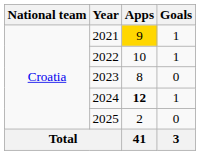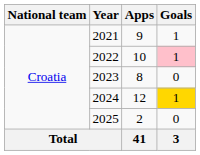 <table class="wikitable" style="text-align:center">
 <tr>
 <th>National team</th>
 <th>Year</th>
 <th>Apps</th>
 <th>Goals</th>
 </tr>
 <tr>
 <td rowspan="5"><a href='#'>Croatia</a></td>
 <td>2021</td>
-<td style="background: gold;">9</td>
+<td>9</td>
 <td>1</td>
 </tr>
 <tr>
 <td>2022</td>
 <td>10</td>
-<td>1</td>
+<td style="background: pink;">1</td>
 </tr>
 <tr>
 <td>2023</td>
 <td>8</td>
 <td>0</td>
 </tr>
 <tr>
 <td>2024</td>
-<td><strong>12</strong></td>
-<td>1</td>
+<td>12</td>
+<td style="background: gold;">1</td>
 </tr>
 <tr>
 <td>2025</td>
 <td>2</td>
 <td>0</td>
 </tr>
 <tr>
 <th colspan="2">Total</th>
 <th>41</th>
 <th>3</th>
 </tr>
 </table>
